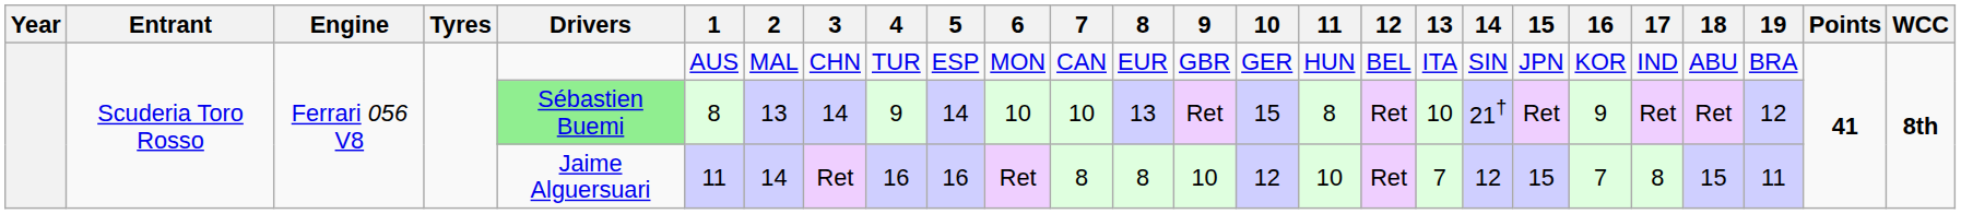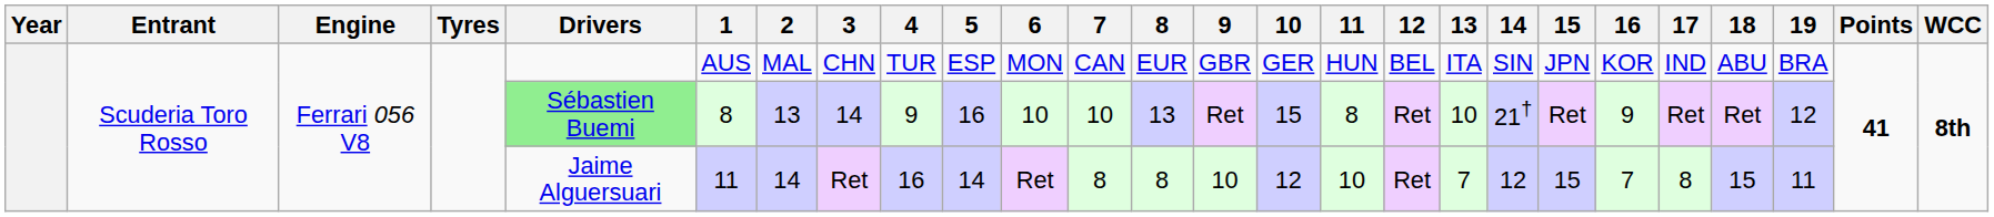 <table class="wikitable" style="text-align:center; font-size:95%">
 <tr>
 <th>Year</th>
 <th>Entrant</th>
 <th>Engine</th>
 <th>Tyres</th>
 <th>Drivers</th>
 <th>1</th>
 <th>2</th>
 <th>3</th>
 <th>4</th>
 <th>5</th>
 <th>6</th>
 <th>7</th>
 <th>8</th>
 <th>9</th>
 <th>10</th>
 <th>11</th>
 <th>12</th>
 <th>13</th>
 <th>14</th>
 <th>15</th>
 <th>16</th>
 <th>17</th>
 <th>18</th>
 <th>19</th>
 <th>Points</th>
 <th>WCC</th>
 </tr>
 <tr>
 <th rowspan=3></th>
 <td rowspan=3><a href='#'>Scuderia Toro Rosso</a></td>
 <td rowspan=3><a href='#'>Ferrari</a> <em>056</em> <a href='#'>V8</a></td>
 <td rowspan=3></td>
 <td></td>
 <td><a href='#'>AUS</a></td>
 <td><a href='#'>MAL</a></td>
 <td><a href='#'>CHN</a></td>
 <td><a href='#'>TUR</a></td>
 <td><a href='#'>ESP</a></td>
 <td><a href='#'>MON</a></td>
 <td><a href='#'>CAN</a></td>
 <td><a href='#'>EUR</a></td>
 <td><a href='#'>GBR</a></td>
 <td><a href='#'>GER</a></td>
 <td><a href='#'>HUN</a></td>
 <td><a href='#'>BEL</a></td>
 <td><a href='#'>ITA</a></td>
 <td><a href='#'>SIN</a></td>
 <td><a href='#'>JPN</a></td>
 <td><a href='#'>KOR</a></td>
 <td><a href='#'>IND</a></td>
 <td><a href='#'>ABU</a></td>
 <td><a href='#'>BRA</a></td>
 <td rowspan=3><strong>41</strong></td>
 <td rowspan=3><strong>8th</strong></td>
 </tr>
 <tr>
 <td style="background: lightgreen;"> <a href='#'>Sébastien Buemi</a></td>
 <td style="background:#dfffdf;">8</td>
 <td style="background:#cfcfff;">13</td>
 <td style="background:#cfcfff;">14</td>
 <td style="background:#dfffdf;">9</td>
-<td style="background:#cfcfff;">14</td>
+<td style="background:#cfcfff;">16</td>
 <td style="background:#dfffdf;">10</td>
 <td style="background:#dfffdf;">10</td>
 <td style="background:#cfcfff;">13</td>
 <td style="background:#efcfff;">Ret</td>
 <td style="background:#cfcfff;">15</td>
 <td style="background:#dfffdf;">8</td>
 <td style="background:#efcfff;">Ret</td>
 <td style="background:#dfffdf;">10</td>
 <td style="background:#cfcfff;">21<sup>†</sup></td>
 <td style="background:#efcfff;">Ret</td>
 <td style="background:#dfffdf;">9</td>
 <td style="background:#efcfff;">Ret</td>
 <td style="background:#efcfff;">Ret</td>
 <td style="background:#cfcfff;">12</td>
 </tr>
 <tr>
 <td> <a href='#'>Jaime Alguersuari</a></td>
 <td style="background:#cfcfff;">11</td>
 <td style="background:#cfcfff;">14</td>
 <td style="background:#efcfff;">Ret</td>
 <td style="background:#cfcfff;">16</td>
-<td style="background:#cfcfff;">16</td>
+<td style="background:#cfcfff;">14</td>
 <td style="background:#efcfff;">Ret</td>
 <td style="background:#dfffdf;">8</td>
 <td style="background:#dfffdf;">8</td>
 <td style="background:#dfffdf;">10</td>
 <td style="background:#cfcfff;">12</td>
 <td style="background:#dfffdf;">10</td>
 <td style="background:#efcfff;">Ret</td>
 <td style="background:#dfffdf;">7</td>
 <td style="background:#cfcfff;">12</td>
 <td style="background:#cfcfff;">15</td>
 <td style="background:#dfffdf;">7</td>
 <td style="background:#dfffdf;">8</td>
 <td style="background:#cfcfff;">15</td>
 <td style="background:#cfcfff;">11</td>
 </tr>
 </table>
